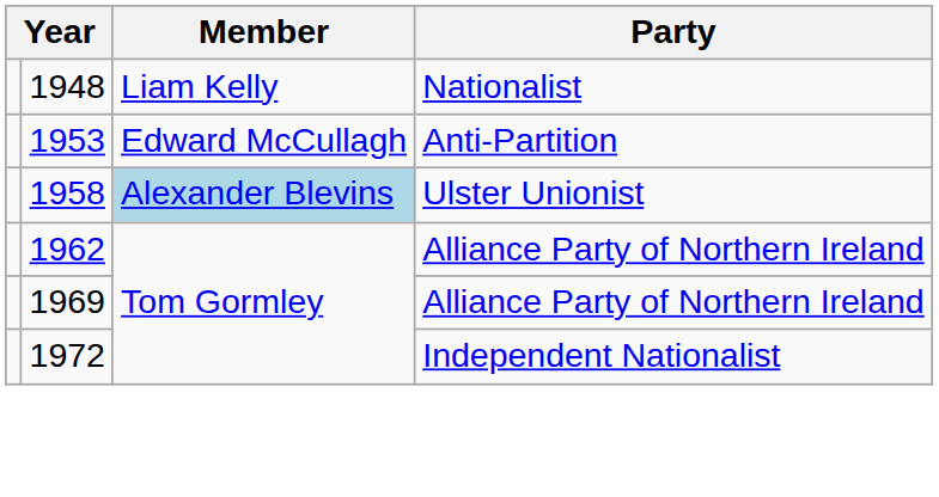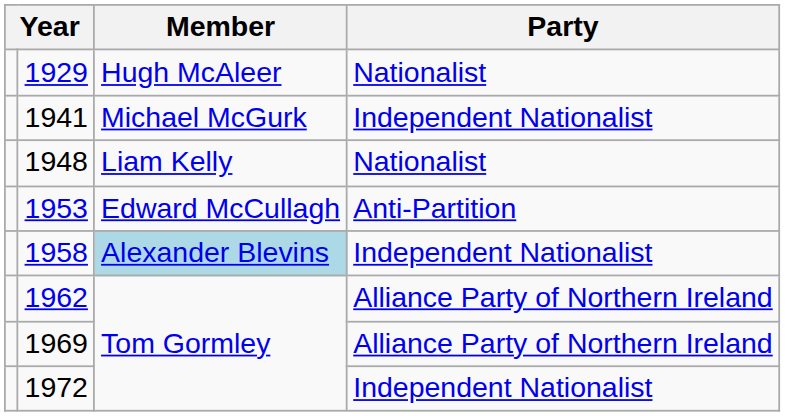 <table class="wikitable">
 <tr>
 <th colspan=2>Year</th>
 <th>Member</th>
 <th>Party</th>
+</tr>
+<tr>
+<td style="background-color: "></td>
+<td><a href='#'>1929</a></td>
+<td><a href='#'>Hugh McAleer</a></td>
+<td><a href='#'>Nationalist</a></td>
+</tr>
+<tr>
+<td style="background-color: "></td>
+<td>1941</td>
+<td><a href='#'>Michael McGurk</a></td>
+<td><a href='#'>Independent Nationalist</a></td>
 </tr>
 <tr>
 <td style="background-color: "></td>
 <td>1948</td>
 <td><a href='#'>Liam Kelly</a></td>
 <td><a href='#'>Nationalist</a></td>
 </tr>
 <tr>
 <td style="background-color: "></td>
 <td><a href='#'>1953</a></td>
 <td><a href='#'>Edward McCullagh</a></td>
 <td><a href='#'>Anti-Partition</a></td>
 </tr>
 <tr>
 <td style="background-color: "></td>
 <td><a href='#'>1958</a></td>
 <td style="background: lightblue;"><a href='#'>Alexander Blevins</a></td>
-<td><a href='#'>Ulster Unionist</a></td>
+<td><a href='#'>Independent Nationalist</a></td>
 </tr>
 <tr>
 <td style="background-color: "></td>
 <td><a href='#'>1962</a></td>
 <td rowspan="3"><a href='#'>Tom Gormley</a></td>
 <td><a href='#'>Alliance Party of Northern Ireland</a></td>
 </tr>
 <tr>
 <td style="background-color: "></td>
 <td>1969</td>
 <td><a href='#'>Alliance Party of Northern Ireland</a></td>
 </tr>
 <tr>
 <td style="background-color: "></td>
 <td>1972</td>
 <td><a href='#'>Independent Nationalist</a></td>
 </tr>
 </table>
